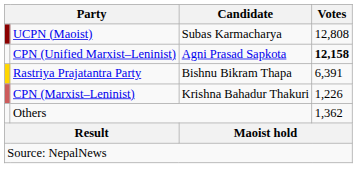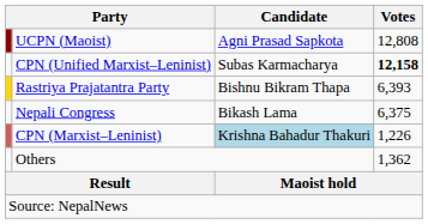 <table class="wikitable">
 <tr>
 <th colspan="2">Party</th>
 <th>Candidate</th>
 <th>Votes</th>
 </tr>
 <tr>
 <td style="background-color:darkred"></td>
 <td><a href='#'>UCPN (Maoist)</a></td>
-<td>Subas Karmacharya</td>
+<td><a href='#'>Agni Prasad Sapkota</a></td>
 <td>12,808</td>
 </tr>
 <tr>
 <td style="background-color:"></td>
 <td><a href='#'>CPN (Unified Marxist–Leninist)</a></td>
-<td><a href='#'>Agni Prasad Sapkota</a></td>
+<td>Subas Karmacharya</td>
 <td><strong>12,158</strong></td>
 </tr>
 <tr>
 <td style="background-color:gold"></td>
 <td><a href='#'>Rastriya Prajatantra Party</a></td>
 <td>Bishnu Bikram Thapa</td>
-<td>6,391</td>
+<td>6,393</td>
+</tr>
+<tr>
+<td style="background-color:"></td>
+<td><a href='#'>Nepali Congress</a></td>
+<td>Bikash Lama</td>
+<td>6,375</td>
 </tr>
 <tr>
 <td style="background-color:indianred"></td>
 <td><a href='#'>CPN (Marxist–Leninist)</a></td>
-<td>Krishna Bahadur Thakuri</td>
+<td style="background: lightblue;">Krishna Bahadur Thakuri</td>
 <td>1,226</td>
 </tr>
 <tr>
 <td></td>
 <td colspan="2">Others</td>
 <td>1,362</td>
 </tr>
 <tr>
 <th colspan="2">Result</th>
 <th colspan="2">Maoist hold</th>
 </tr>
 <tr>
 <td colspan="4">Source: NepalNews</td>
 </tr>
 </table>
